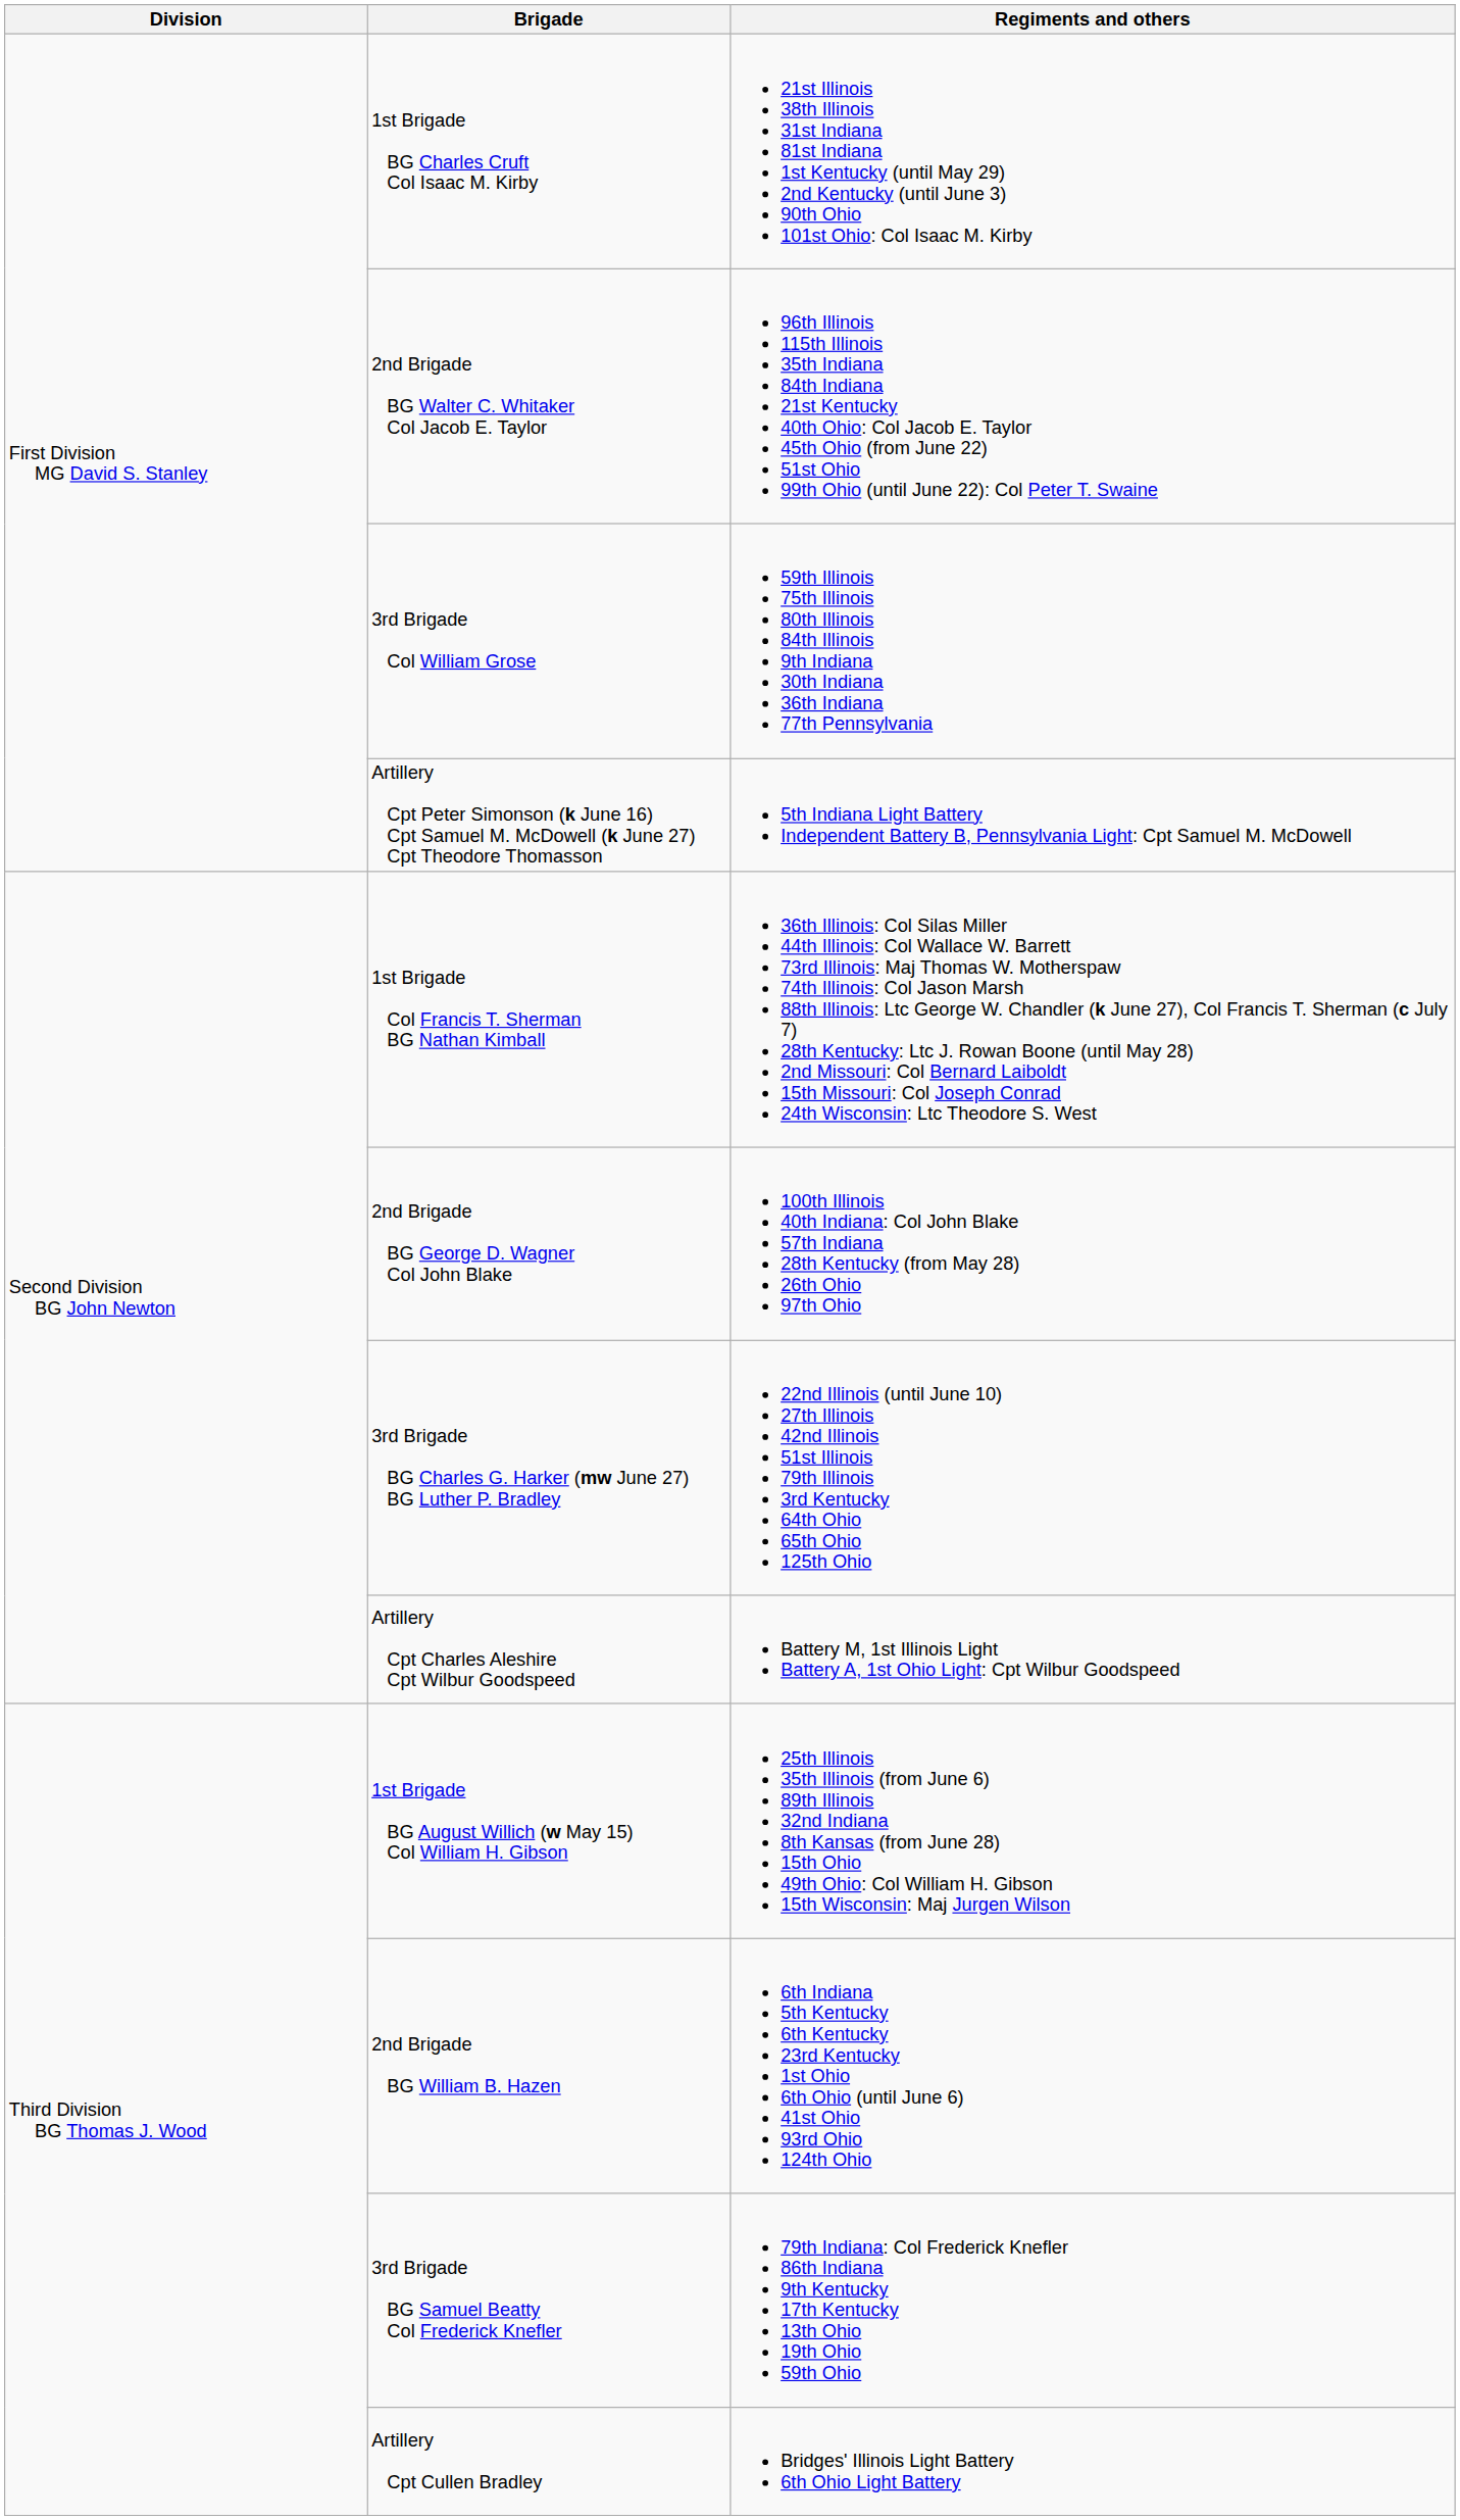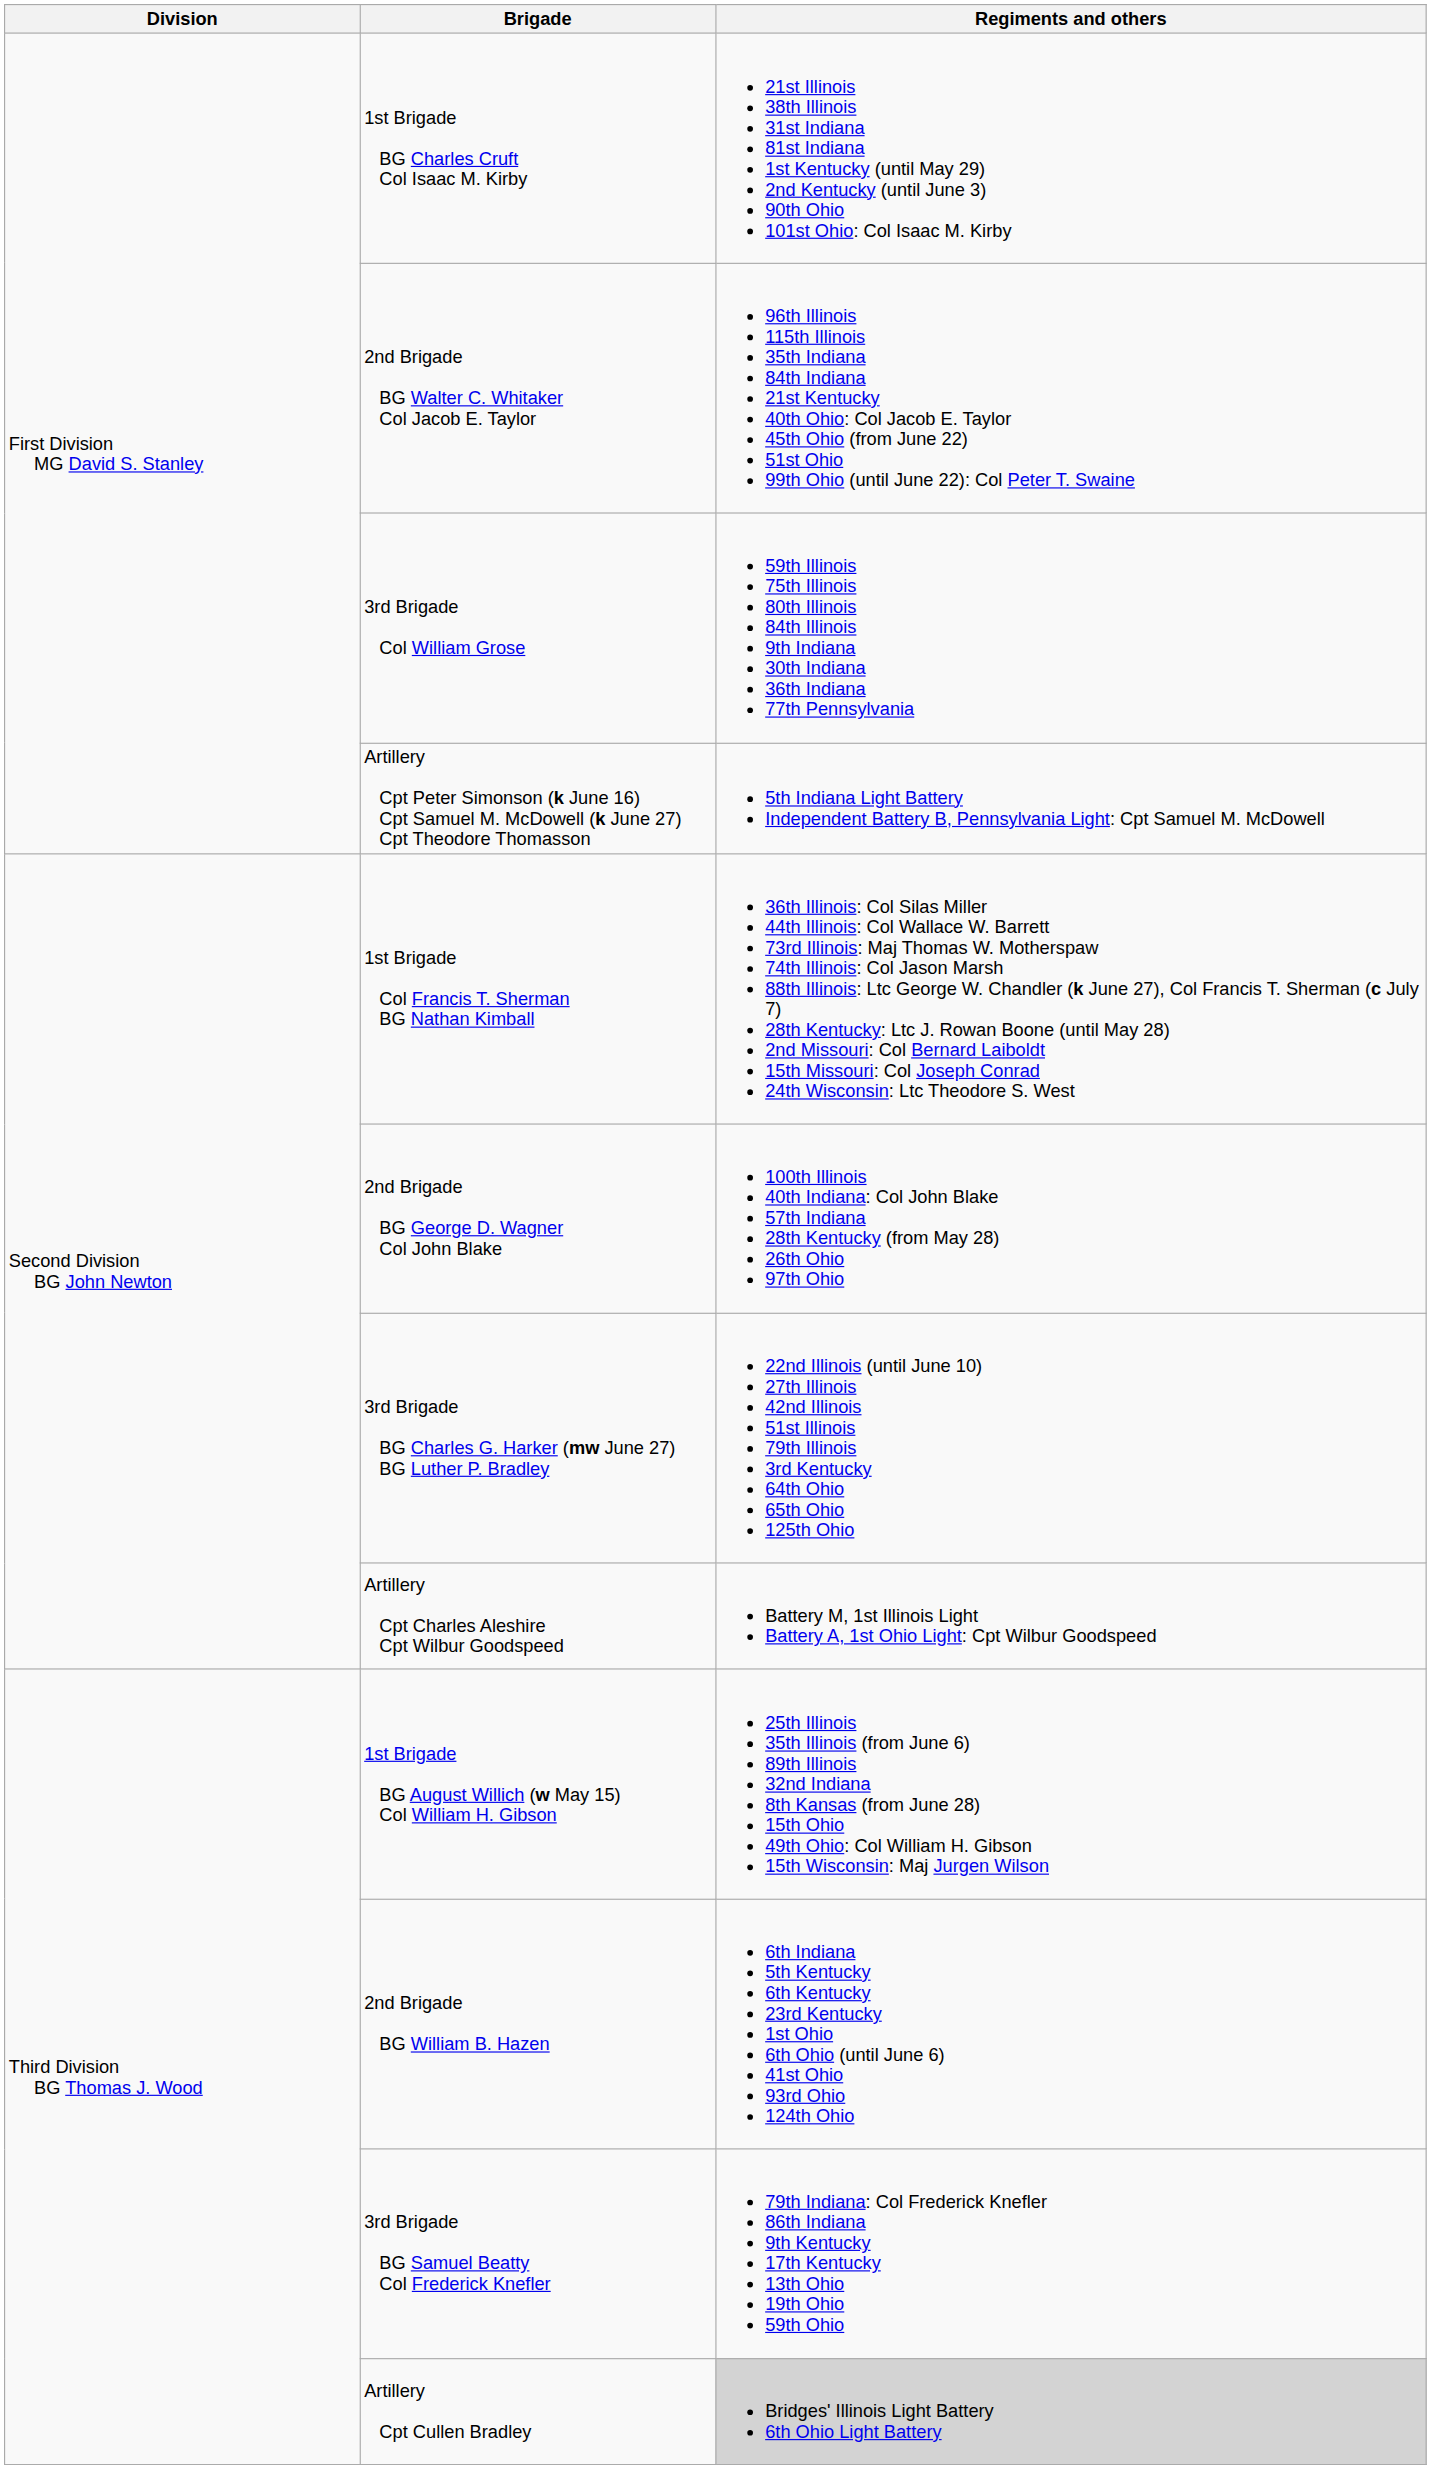 <table class="wikitable">
 <tr>
 <th width=25%>Division</th>
 <th width=25%>Brigade</th>
 <th>Regiments and others</th>
 </tr>
 <tr>
 <td rowspan=4><br>First Division <br>     MG <a href='#'>David S. Stanley</a><br></td>
 <td>1st Brigade<br><br>   BG <a href='#'>Charles Cruft</a><br>   Col Isaac M. Kirby</td>
 <td><br><ul><li><a href='#'>21st Illinois</a></li><li><a href='#'>38th Illinois</a></li><li><a href='#'>31st Indiana</a></li><li><a href='#'>81st Indiana</a></li><li><a href='#'>1st Kentucky</a> (until May 29)</li><li><a href='#'>2nd Kentucky</a> (until June 3)</li><li><a href='#'>90th Ohio</a></li><li><a href='#'>101st Ohio</a>: Col Isaac M. Kirby</li></ul></td>
 </tr>
 <tr>
 <td>2nd Brigade<br><br>   BG <a href='#'>Walter C. Whitaker</a><br>   Col Jacob E. Taylor</td>
 <td><br><ul><li><a href='#'>96th Illinois</a></li><li><a href='#'>115th Illinois</a></li><li><a href='#'>35th Indiana</a></li><li><a href='#'>84th Indiana</a></li><li><a href='#'>21st Kentucky</a></li><li><a href='#'>40th Ohio</a>: Col Jacob E. Taylor</li><li><a href='#'>45th Ohio</a> (from June 22)</li><li><a href='#'>51st Ohio</a></li><li><a href='#'>99th Ohio</a> (until June 22): Col <a href='#'>Peter T. Swaine</a></li></ul></td>
 </tr>
 <tr>
 <td>3rd Brigade<br><br>   Col <a href='#'>William Grose</a></td>
 <td><br><ul><li><a href='#'>59th Illinois</a></li><li><a href='#'>75th Illinois</a></li><li><a href='#'>80th Illinois</a></li><li><a href='#'>84th Illinois</a></li><li><a href='#'>9th Indiana</a></li><li><a href='#'>30th Indiana</a></li><li><a href='#'>36th Indiana</a></li><li><a href='#'>77th Pennsylvania</a></li></ul></td>
 </tr>
 <tr>
 <td>Artillery<br><br>   Cpt Peter Simonson (<strong>k</strong> June 16)<br>   Cpt Samuel M. McDowell (<strong>k</strong> June 27)<br>   Cpt Theodore Thomasson</td>
 <td><br><ul><li><a href='#'>5th Indiana Light Battery</a></li><li><a href='#'>Independent Battery B, Pennsylvania Light</a>: Cpt Samuel M. McDowell</li></ul></td>
 </tr>
 <tr>
 <td rowspan=4><br>Second Division <br>     BG <a href='#'>John Newton</a><br></td>
 <td>1st Brigade<br><br>   Col <a href='#'>Francis T. Sherman</a><br>   BG <a href='#'>Nathan Kimball</a></td>
 <td><br><ul><li><a href='#'>36th Illinois</a>: Col Silas Miller</li><li><a href='#'>44th Illinois</a>: Col Wallace W. Barrett</li><li><a href='#'>73rd Illinois</a>: Maj Thomas W. Motherspaw</li><li><a href='#'>74th Illinois</a>: Col Jason Marsh</li><li><a href='#'>88th Illinois</a>: Ltc George W. Chandler (<strong>k</strong> June 27), Col Francis T. Sherman (<strong>c</strong> July 7)</li><li><a href='#'>28th Kentucky</a>: Ltc J. Rowan Boone (until May 28)</li><li><a href='#'>2nd Missouri</a>: Col <a href='#'>Bernard Laiboldt</a></li><li><a href='#'>15th Missouri</a>: Col <a href='#'>Joseph Conrad</a></li><li><a href='#'>24th Wisconsin</a>: Ltc Theodore S. West</li></ul></td>
 </tr>
 <tr>
 <td>2nd Brigade<br><br>   BG <a href='#'>George D. Wagner</a><br>   Col John Blake</td>
 <td><br><ul><li><a href='#'>100th Illinois</a></li><li><a href='#'>40th Indiana</a>: Col John Blake</li><li><a href='#'>57th Indiana</a></li><li><a href='#'>28th Kentucky</a> (from May 28)</li><li><a href='#'>26th Ohio</a></li><li><a href='#'>97th Ohio</a></li></ul></td>
 </tr>
 <tr>
 <td>3rd Brigade<br><br>   BG <a href='#'>Charles G. Harker</a> (<strong>mw</strong> June 27)<br>   BG <a href='#'>Luther P. Bradley</a></td>
 <td><br><ul><li><a href='#'>22nd Illinois</a> (until June 10)</li><li><a href='#'>27th Illinois</a></li><li><a href='#'>42nd Illinois</a></li><li><a href='#'>51st Illinois</a></li><li><a href='#'>79th Illinois</a></li><li><a href='#'>3rd Kentucky</a></li><li><a href='#'>64th Ohio</a></li><li><a href='#'>65th Ohio</a></li><li><a href='#'>125th Ohio</a></li></ul></td>
 </tr>
 <tr>
 <td>Artillery<br><br>   Cpt Charles Aleshire<br>   Cpt Wilbur Goodspeed</td>
 <td><br><ul><li>Battery M, 1st Illinois Light</li><li><a href='#'>Battery A, 1st Ohio Light</a>: Cpt Wilbur Goodspeed</li></ul></td>
 </tr>
 <tr>
 <td rowspan=4><br>Third Division <br>     BG <a href='#'>Thomas J. Wood</a><br></td>
 <td><a href='#'>1st Brigade</a><br><br>   BG <a href='#'>August Willich</a> (<strong>w</strong> May 15) <br>   Col <a href='#'>William H. Gibson</a></td>
 <td><br><ul><li><a href='#'>25th Illinois</a></li><li><a href='#'>35th Illinois</a> (from June 6)</li><li><a href='#'>89th Illinois</a></li><li><a href='#'>32nd Indiana</a></li><li><a href='#'>8th Kansas</a> (from June 28)</li><li><a href='#'>15th Ohio</a></li><li><a href='#'>49th Ohio</a>: Col William H. Gibson</li><li><a href='#'>15th Wisconsin</a>: Maj <a href='#'>Jurgen Wilson</a></li></ul></td>
 </tr>
 <tr>
 <td>2nd Brigade<br><br>   BG <a href='#'>William B. Hazen</a></td>
 <td><br><ul><li><a href='#'>6th Indiana</a></li><li><a href='#'>5th Kentucky</a></li><li><a href='#'>6th Kentucky</a></li><li><a href='#'>23rd Kentucky</a></li><li><a href='#'>1st Ohio</a></li><li><a href='#'>6th Ohio</a> (until June 6)</li><li><a href='#'>41st Ohio</a></li><li><a href='#'>93rd Ohio</a></li><li><a href='#'>124th Ohio</a></li></ul></td>
 </tr>
 <tr>
 <td>3rd Brigade<br><br>   BG <a href='#'>Samuel Beatty</a><br>   Col <a href='#'>Frederick Knefler</a></td>
 <td><br><ul><li><a href='#'>79th Indiana</a>: Col Frederick Knefler</li><li><a href='#'>86th Indiana</a></li><li><a href='#'>9th Kentucky</a></li><li><a href='#'>17th Kentucky</a></li><li><a href='#'>13th Ohio</a></li><li><a href='#'>19th Ohio</a></li><li><a href='#'>59th Ohio</a></li></ul></td>
 </tr>
 <tr>
 <td>Artillery<br><br>   Cpt Cullen Bradley</td>
-<td><br><ul><li>Bridges' Illinois Light Battery</li><li><a href='#'>6th Ohio Light Battery</a></li></ul></td>
+<td style="background: lightgrey;"><br><ul><li>Bridges' Illinois Light Battery</li><li><a href='#'>6th Ohio Light Battery</a></li></ul></td>
 </tr>
 <tr>
 </tr>
 </table>
